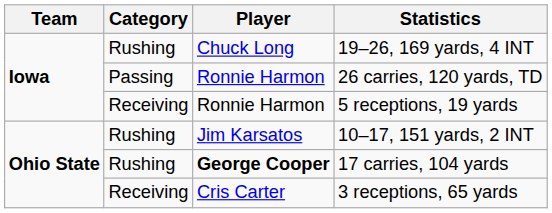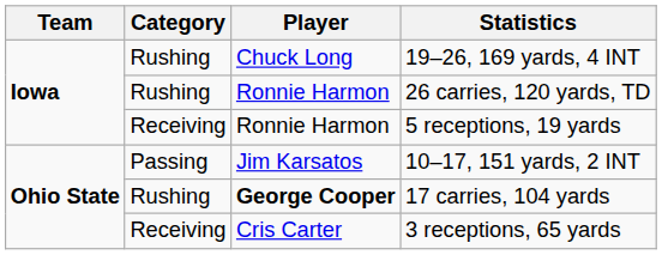 <table class="wikitable" style="float: left;">
 <tr>
 <th>Team</th>
 <th>Category</th>
 <th>Player</th>
 <th>Statistics</th>
 </tr>
 <tr>
 <td rowspan=3><strong>Iowa</strong></td>
 <td>Rushing</td>
 <td><a href='#'>Chuck Long</a></td>
 <td>19–26, 169 yards, 4 INT</td>
 </tr>
 <tr>
-<td>Passing</td>
+<td>Rushing</td>
 <td><a href='#'>Ronnie Harmon</a></td>
 <td>26 carries, 120 yards, TD</td>
 </tr>
 <tr>
 <td>Receiving</td>
 <td>Ronnie Harmon</td>
 <td>5 receptions, 19 yards</td>
 </tr>
 <tr>
 <td rowspan=3><strong>Ohio State</strong></td>
-<td>Rushing</td>
+<td>Passing</td>
 <td><a href='#'>Jim Karsatos</a></td>
 <td>10–17, 151 yards, 2 INT</td>
 </tr>
 <tr>
 <td>Rushing</td>
 <td><strong>George Cooper</strong></td>
 <td>17 carries, 104 yards</td>
 </tr>
 <tr>
 <td>Receiving</td>
 <td><a href='#'>Cris Carter</a></td>
 <td>3 receptions, 65 yards</td>
 </tr>
 </table>
